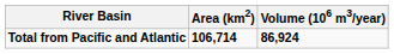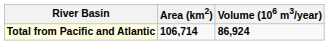 <table class="wikitable">
 <tr>
 <th>River Basin</th>
 <th>Area (km<sup>2</sup>)</th>
 <th>Volume (10<sup>6</sup> m<sup>3</sup>/year)</th>
 </tr>
 <tr>
-<td><strong>Total from Pacific and Atlantic</strong></td>
+<td style="background: lightyellow;"><strong>Total from Pacific and Atlantic</strong></td>
 <td><strong>106,714</strong></td>
 <td><strong>86,924</strong></td>
 </tr>
 </table>
